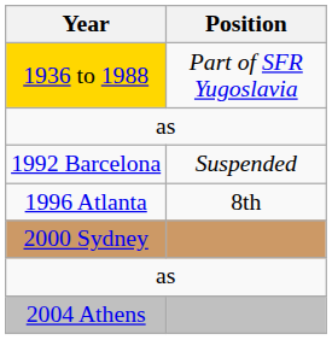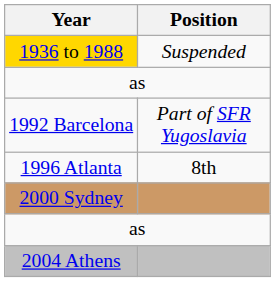 <table class="wikitable" style="text-align: center;">
 <tr>
 <th>Year</th>
 <th width="100">Position</th>
 </tr>
 <tr>
 <td style="background: gold; text-align: middle;"><a href='#'>1936</a> to <a href='#'>1988</a></td>
-<td><em>Part of <a href='#'>SFR Yugoslavia</a></em></td>
+<td><em>Suspended</em></td>
 </tr>
 <tr>
 <td colspan=2>as <strong></strong></td>
 </tr>
 <tr>
 <td> <a href='#'>1992 Barcelona</a></td>
-<td><em>Suspended</em></td>
+<td><em>Part of <a href='#'>SFR Yugoslavia</a></em></td>
 </tr>
 <tr>
 <td> <a href='#'>1996 Atlanta</a></td>
 <td>8th</td>
 </tr>
 <tr bgcolor=cc9966>
 <td> <a href='#'>2000 Sydney</a></td>
 <td></td>
 </tr>
 <tr>
 <td colspan=2>as <strong></strong></td>
 </tr>
 <tr bgcolor=silver>
 <td> <a href='#'>2004 Athens</a></td>
 <td></td>
 </tr>
 </table>
